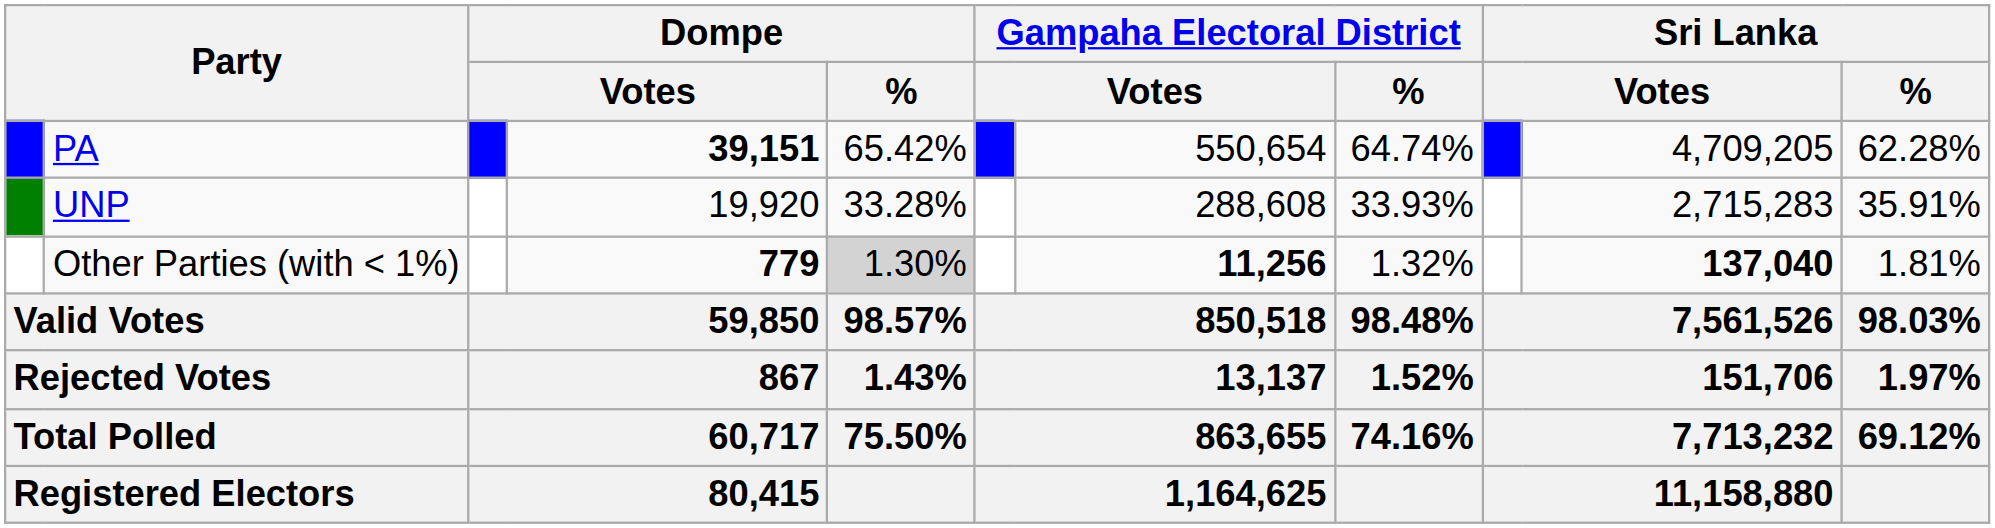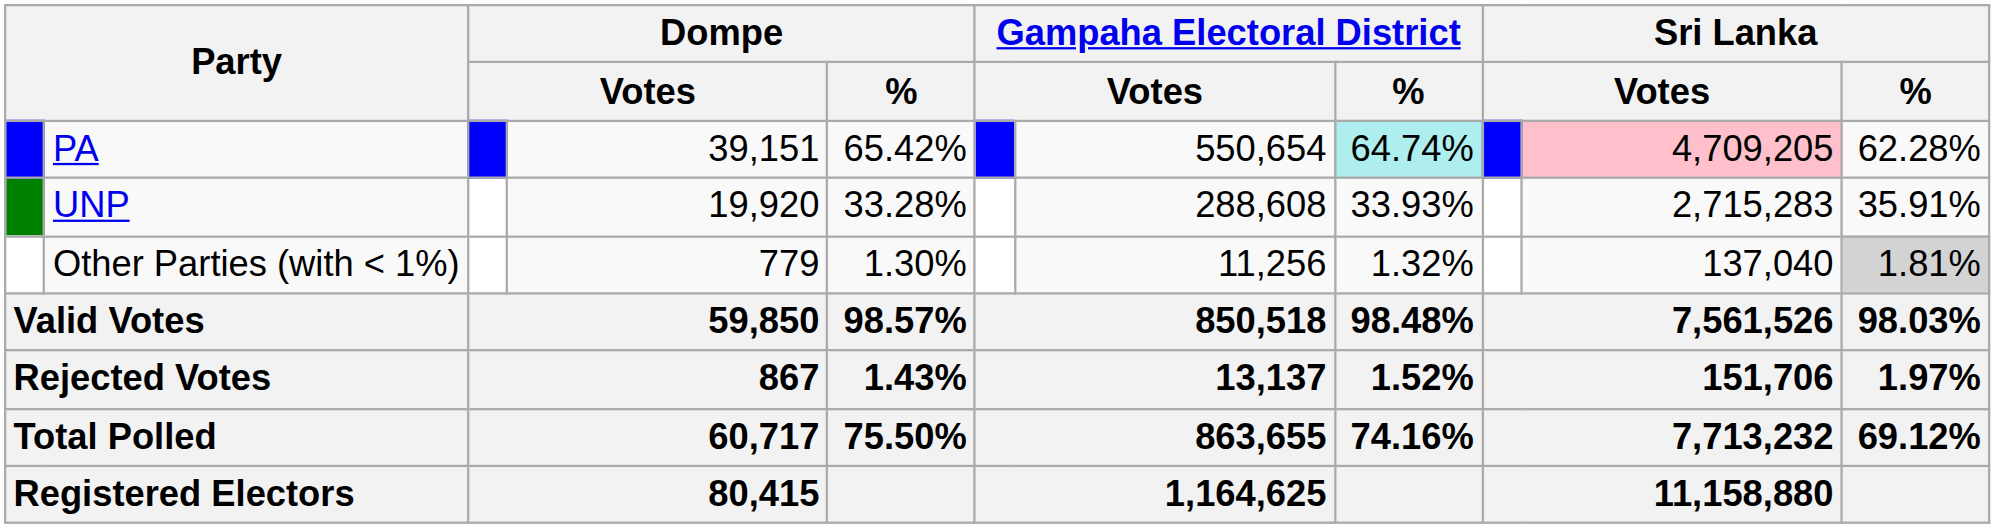 <table class="wikitable">
 <tr>
 <th colspan="2" width="144px"rowspan="2">Party</th>
 <th colspan="3" width="216px">Dompe</th>
 <th colspan="3" width="216px"><a href='#'>Gampaha Electoral District</a></th>
 <th colspan="3" width="216px">Sri Lanka</th>
 </tr>
 <tr>
 <th colspan="2" width="144px">Votes</th>
 <th>%</th>
 <th colspan="2" width="144px">Votes</th>
 <th>%</th>
 <th colspan="2" width="144px">Votes</th>
 <th>%</th>
 </tr>
 <tr>
 <td style="background-color:blue;" width="10px"></td>
 <td style="text-align:left;"><a href='#'>PA</a></td>
 <td style="background-color:blue;" width="10px"></td>
-<td style="text-align:right;"><strong>39,151</strong></td>
+<td style="text-align:right;">39,151</td>
 <td style="text-align:right;">65.42%</td>
 <td style="background-color:blue;" width="10px"></td>
 <td style="text-align:right;">550,654</td>
-<td style="text-align:right;">64.74%</td>
+<td style="background: paleturquoise; text-align:right;">64.74%</td>
 <td style="background-color:blue;" width="10px"></td>
-<td style="text-align:right;">4,709,205</td>
+<td style="background: pink; text-align:right;">4,709,205</td>
 <td style="text-align:right;">62.28%</td>
 </tr>
 <tr>
 <td style="background-color:green;" width="10px"></td>
 <td style="text-align:left;"><a href='#'>UNP</a></td>
 <td style="background-color:white;" width="10px"></td>
 <td style="text-align:right;">19,920</td>
 <td style="text-align:right;">33.28%</td>
 <td style="background-color:white;" width="10px"></td>
 <td style="text-align:right;">288,608</td>
 <td style="text-align:right;">33.93%</td>
 <td style="background-color:white;" width="10px"></td>
 <td style="text-align:right;">2,715,283</td>
 <td style="text-align:right;">35.91%</td>
 </tr>
 <tr>
 <td style="background-color:white;" width="10px"></td>
 <td style="text-align:left;">Other Parties (with < 1%)</td>
 <td style="background-color:white;" width="10px"></td>
-<td style="text-align:right;"><strong>779</strong></td>
-<td style="background: lightgrey; text-align:right;">1.30%</td>
+<td style="text-align:right;">779</td>
+<td style="text-align:right;">1.30%</td>
 <td style="background-color:white;" width="10px"></td>
-<td style="text-align:right;"><strong>11,256</strong></td>
+<td style="text-align:right;">11,256</td>
 <td style="text-align:right;">1.32%</td>
 <td style="background-color:white;" width="10px"></td>
-<td style="text-align:right;"><strong>137,040</strong></td>
-<td style="text-align:right;">1.81%</td>
+<td style="text-align:right;">137,040</td>
+<td style="background: lightgrey; text-align:right;">1.81%</td>
 </tr>
 <tr>
 <th colspan="2" width="144px"style="text-align:left;">Valid Votes</th>
 <th style="text-align:right;"colspan="2" width="144px">59,850</th>
 <th style="text-align:right;">98.57%</th>
 <th style="text-align:right;"colspan="2" width="144px">850,518</th>
 <th style="text-align:right;">98.48%</th>
 <th style="text-align:right;"colspan="2" width="144px">7,561,526</th>
 <th style="text-align:right;">98.03%</th>
 </tr>
 <tr>
 <th colspan="2" width="144px"style="text-align:left;">Rejected Votes</th>
 <th style="text-align:right;"colspan="2" width="144px">867</th>
 <th style="text-align:right;">1.43%</th>
 <th style="text-align:right;"colspan="2" width="144px">13,137</th>
 <th style="text-align:right;">1.52%</th>
 <th style="text-align:right;"colspan="2" width="144px">151,706</th>
 <th style="text-align:right;">1.97%</th>
 </tr>
 <tr>
 <th colspan="2" width="144px"style="text-align:left;">Total Polled</th>
 <th style="text-align:right;"colspan="2" width="144px">60,717</th>
 <th style="text-align:right;">75.50%</th>
 <th style="text-align:right;"colspan="2" width="144px">863,655</th>
 <th style="text-align:right;">74.16%</th>
 <th style="text-align:right;"colspan="2" width="144px">7,713,232</th>
 <th style="text-align:right;">69.12%</th>
 </tr>
 <tr>
 <th colspan="2" width="144px"style="text-align:left;">Registered Electors</th>
 <th style="text-align:right;"colspan="2" width="144px">80,415</th>
 <th></th>
 <th style="text-align:right;"colspan="2" width="144px">1,164,625</th>
 <th></th>
 <th style="text-align:right;"colspan="2" width="144px">11,158,880</th>
 <th></th>
 </tr>
 </table>
